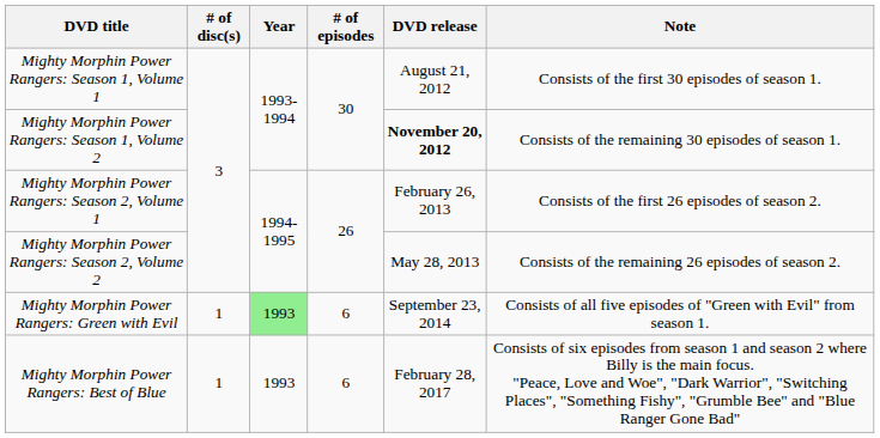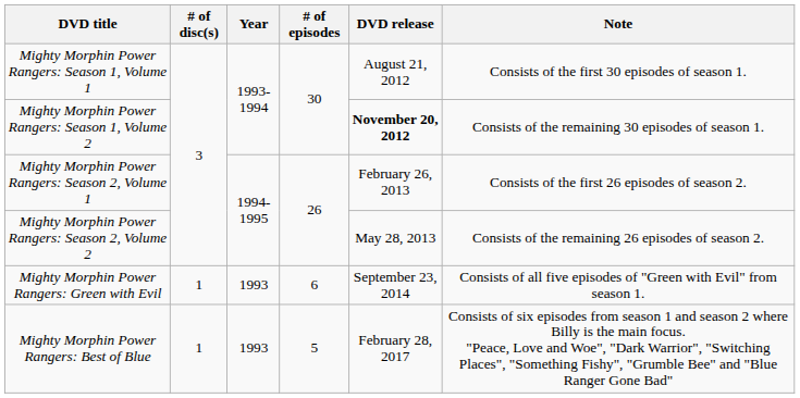 <table class="wikitable"  style="width:99%; left:0 auto; text-align:center;">
 <tr>
 <th>DVD title</th>
 <th># of disc(s)</th>
 <th>Year</th>
 <th># of episodes</th>
 <th>DVD release</th>
 <th>Note</th>
 </tr>
 <tr>
 <td><em>Mighty Morphin Power Rangers: Season 1, Volume 1</em></td>
 <td rowspan="4">3</td>
 <td rowspan="2">1993-1994</td>
 <td rowspan="2">30</td>
 <td>August 21, 2012</td>
 <td>Consists of the first 30 episodes of season 1.</td>
 </tr>
 <tr>
 <td><em>Mighty Morphin Power Rangers: Season 1, Volume 2</em></td>
 <td><strong>November 20, 2012</strong></td>
 <td>Consists of the remaining 30 episodes of season 1.</td>
 </tr>
 <tr>
 <td><em>Mighty Morphin Power Rangers: Season 2, Volume 1</em></td>
 <td rowspan="2">1994-1995</td>
 <td rowspan="2">26</td>
 <td>February 26, 2013</td>
 <td>Consists of the first 26 episodes of season 2.</td>
 </tr>
 <tr>
 <td><em>Mighty Morphin Power Rangers: Season 2, Volume 2</em></td>
 <td>May 28, 2013</td>
 <td>Consists of the remaining 26 episodes of season 2.</td>
 </tr>
 <tr>
 <td><em>Mighty Morphin Power Rangers: Green with Evil</em></td>
 <td>1</td>
-<td style="background: lightgreen;">1993</td>
+<td>1993</td>
 <td>6</td>
 <td>September 23, 2014</td>
 <td>Consists of all five episodes of "Green with Evil" from season 1.</td>
 </tr>
 <tr>
 <td><em>Mighty Morphin Power Rangers: Best of Blue</em></td>
 <td>1</td>
 <td>1993</td>
-<td>6</td>
+<td>5</td>
 <td>February 28, 2017</td>
 <td>Consists of six episodes from season 1 and season 2 where Billy is the main focus.<br>"Peace, Love and Woe", "Dark Warrior", "Switching Places", "Something Fishy", "Grumble Bee" and "Blue Ranger Gone Bad"</td>
 </tr>
 </table>
